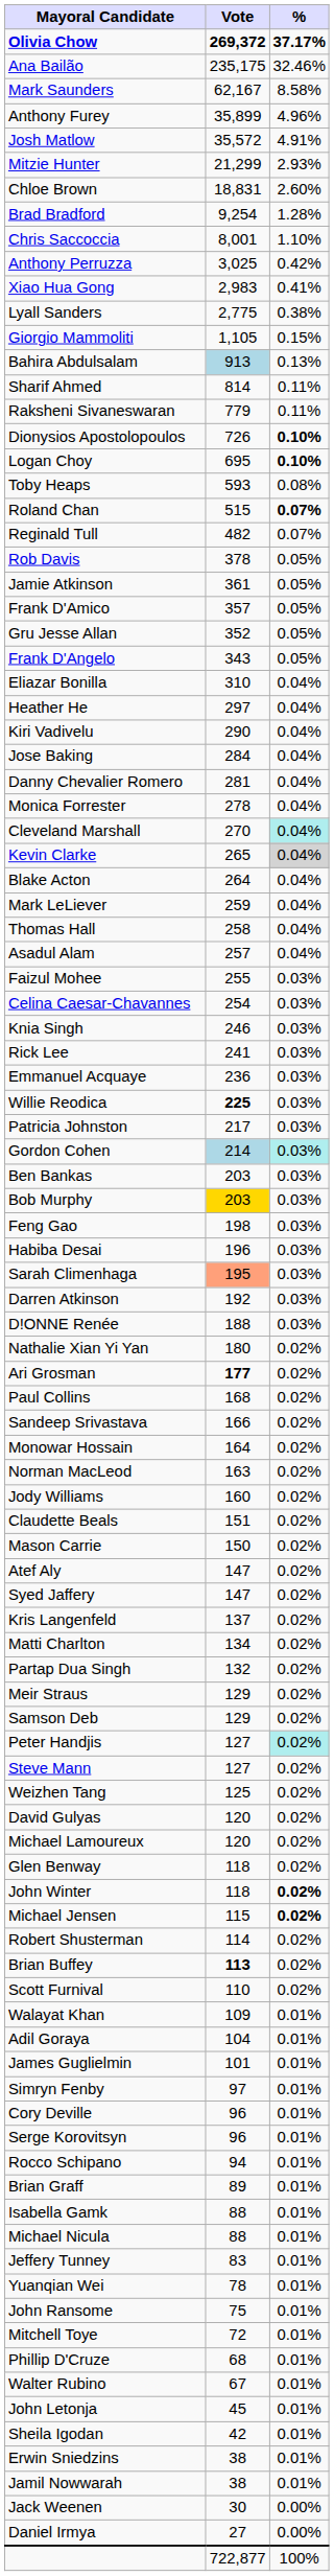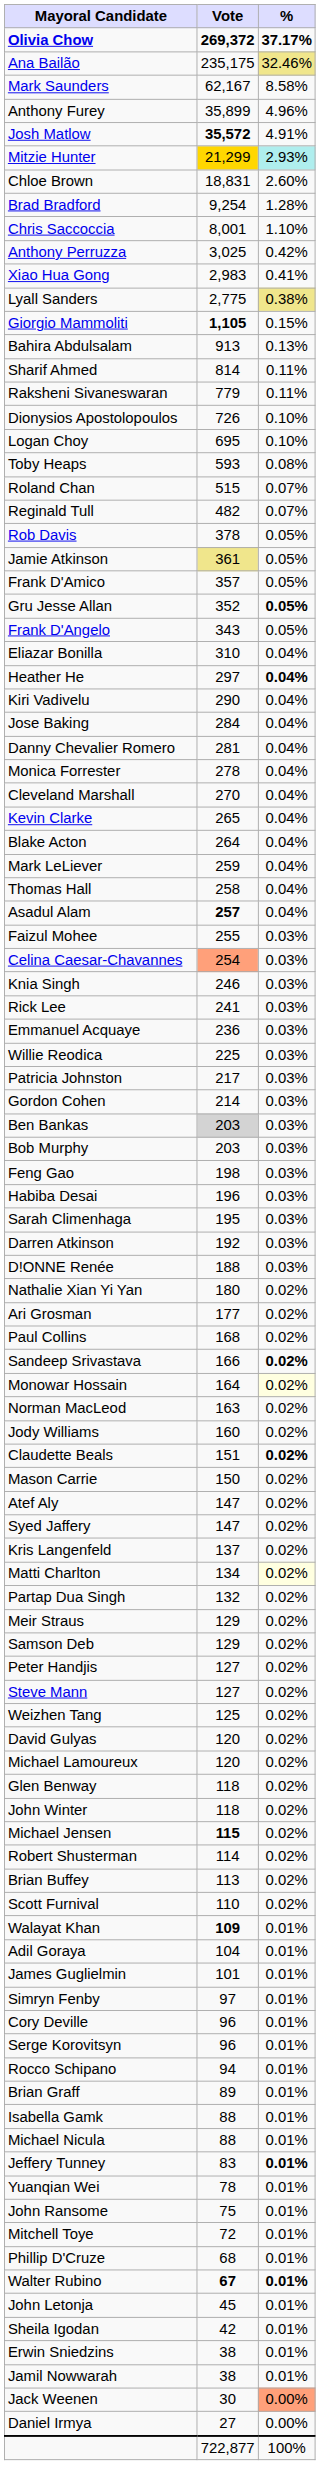 <table class="wikitable">
 <tr>
 <th style="background:#ddf; width:200px;">Mayoral Candidate</th>
 <th style="background:#ddf; width:50px;">Vote</th>
 <th style="background:#ddf; width:30px;">%</th>
 </tr>
 <tr>
 <td><strong><a href='#'>Olivia Chow</a></strong></td>
 <td align="center"><strong>269,372</strong></td>
 <td align="center"><strong>37.17%</strong></td>
 </tr>
 <tr>
 <td><a href='#'>Ana Bailão</a></td>
 <td align="center">235,175</td>
-<td align="center">32.46%</td>
+<td align="center" style="background: khaki;">32.46%</td>
 </tr>
 <tr>
 <td><a href='#'>Mark Saunders</a></td>
 <td align="center">62,167</td>
 <td align="center">8.58%</td>
 </tr>
 <tr>
 <td>Anthony Furey</td>
 <td align="center">35,899</td>
 <td align="center">4.96%</td>
 </tr>
 <tr>
 <td><a href='#'>Josh Matlow</a></td>
-<td align="center">35,572</td>
+<td align="center"><strong>35,572</strong></td>
 <td align="center">4.91%</td>
 </tr>
 <tr>
 <td><a href='#'>Mitzie Hunter</a></td>
-<td align="center">21,299</td>
-<td align="center">2.93%</td>
+<td align="center" style="background: gold;">21,299</td>
+<td align="center" style="background: paleturquoise;">2.93%</td>
 </tr>
 <tr>
 <td>Chloe Brown</td>
 <td align="center">18,831</td>
 <td align="center">2.60%</td>
 </tr>
 <tr>
 <td><a href='#'>Brad Bradford</a></td>
 <td align="center">9,254</td>
 <td align="center">1.28%</td>
 </tr>
 <tr>
 <td><a href='#'>Chris Saccoccia</a></td>
 <td align="center">8,001</td>
 <td align="center">1.10%</td>
 </tr>
 <tr>
 <td><a href='#'>Anthony Perruzza</a></td>
 <td align="center">3,025</td>
 <td align="center">0.42%</td>
 </tr>
 <tr>
 <td><a href='#'>Xiao Hua Gong</a></td>
 <td align="center">2,983</td>
 <td align="center">0.41%</td>
 </tr>
 <tr>
 <td>Lyall Sanders</td>
 <td align="center">2,775</td>
-<td align="center">0.38%</td>
+<td align="center" style="background: khaki;">0.38%</td>
 </tr>
 <tr>
 <td><a href='#'>Giorgio Mammoliti</a></td>
-<td align="center">1,105</td>
+<td align="center"><strong>1,105</strong></td>
 <td align="center">0.15%</td>
 </tr>
 <tr>
 <td>Bahira Abdulsalam</td>
-<td align="center" style="background: lightblue;">913</td>
+<td align="center">913</td>
 <td align="center">0.13%</td>
 </tr>
 <tr>
 <td>Sharif Ahmed</td>
 <td align="center">814</td>
 <td align="center">0.11%</td>
 </tr>
 <tr>
 <td>Raksheni Sivaneswaran</td>
 <td align="center">779</td>
 <td align="center">0.11%</td>
 </tr>
 <tr>
 <td>Dionysios Apostolopoulos</td>
 <td align="center">726</td>
-<td align="center"><strong>0.10%</strong></td>
+<td align="center">0.10%</td>
 </tr>
 <tr>
 <td>Logan Choy</td>
 <td align="center">695</td>
-<td align="center"><strong>0.10%</strong></td>
+<td align="center">0.10%</td>
 </tr>
 <tr>
 <td>Toby Heaps</td>
 <td align="center">593</td>
 <td align="center">0.08%</td>
 </tr>
 <tr>
 <td>Roland Chan</td>
 <td align="center">515</td>
-<td align="center"><strong>0.07%</strong></td>
+<td align="center">0.07%</td>
 </tr>
 <tr>
 <td>Reginald Tull</td>
 <td align="center">482</td>
 <td align="center">0.07%</td>
 </tr>
 <tr>
 <td><a href='#'>Rob Davis</a></td>
 <td align="center">378</td>
 <td align="center">0.05%</td>
 </tr>
 <tr>
 <td>Jamie Atkinson</td>
-<td align="center">361</td>
+<td align="center" style="background: khaki;">361</td>
 <td align="center">0.05%</td>
 </tr>
 <tr>
 <td>Frank D'Amico</td>
 <td align="center">357</td>
 <td align="center">0.05%</td>
 </tr>
 <tr>
 <td>Gru Jesse Allan</td>
 <td align="center">352</td>
-<td align="center">0.05%</td>
+<td align="center"><strong>0.05%</strong></td>
 </tr>
 <tr>
 <td><a href='#'>Frank D'Angelo</a></td>
 <td align="center">343</td>
 <td align="center">0.05%</td>
 </tr>
 <tr>
 <td>Eliazar Bonilla</td>
 <td align="center">310</td>
 <td align="center">0.04%</td>
 </tr>
 <tr>
 <td>Heather He</td>
 <td align="center">297</td>
-<td align="center">0.04%</td>
+<td align="center"><strong>0.04%</strong></td>
 </tr>
 <tr>
 <td>Kiri Vadivelu</td>
 <td align="center">290</td>
 <td align="center">0.04%</td>
 </tr>
 <tr>
 <td>Jose Baking</td>
 <td align="center">284</td>
 <td align="center">0.04%</td>
 </tr>
 <tr>
 <td>Danny Chevalier Romero</td>
 <td align="center">281</td>
 <td align="center">0.04%</td>
 </tr>
 <tr>
 <td>Monica Forrester</td>
 <td align="center">278</td>
 <td align="center">0.04%</td>
 </tr>
 <tr>
 <td>Cleveland Marshall</td>
 <td align="center">270</td>
-<td align="center" style="background: paleturquoise;">0.04%</td>
+<td align="center">0.04%</td>
 </tr>
 <tr>
 <td><a href='#'>Kevin Clarke</a></td>
 <td align="center">265</td>
-<td align="center" style="background: lightgrey;">0.04%</td>
+<td align="center">0.04%</td>
 </tr>
 <tr>
 <td>Blake Acton</td>
 <td align="center">264</td>
 <td align="center">0.04%</td>
 </tr>
 <tr>
 <td>Mark LeLiever</td>
 <td align="center">259</td>
 <td align="center">0.04%</td>
 </tr>
 <tr>
 <td>Thomas Hall</td>
 <td align="center">258</td>
 <td align="center">0.04%</td>
 </tr>
 <tr>
 <td>Asadul Alam</td>
-<td align="center">257</td>
+<td align="center"><strong>257</strong></td>
 <td align="center">0.04%</td>
 </tr>
 <tr>
 <td>Faizul Mohee</td>
 <td align="center">255</td>
 <td align="center">0.03%</td>
 </tr>
 <tr>
 <td><a href='#'>Celina Caesar-Chavannes</a></td>
-<td align="center">254</td>
+<td align="center" style="background: lightsalmon;">254</td>
 <td align="center">0.03%</td>
 </tr>
 <tr>
 <td>Knia Singh</td>
 <td align="center">246</td>
 <td align="center">0.03%</td>
 </tr>
 <tr>
 <td>Rick Lee</td>
 <td align="center">241</td>
 <td align="center">0.03%</td>
 </tr>
 <tr>
 <td>Emmanuel Acquaye</td>
 <td align="center">236</td>
 <td align="center">0.03%</td>
 </tr>
 <tr>
 <td>Willie Reodica</td>
-<td align="center"><strong>225</strong></td>
+<td align="center">225</td>
 <td align="center">0.03%</td>
 </tr>
 <tr>
 <td>Patricia Johnston</td>
 <td align="center">217</td>
 <td align="center">0.03%</td>
 </tr>
 <tr>
 <td>Gordon Cohen</td>
-<td align="center" style="background: lightblue;">214</td>
-<td align="center" style="background: paleturquoise;">0.03%</td>
+<td align="center">214</td>
+<td align="center">0.03%</td>
 </tr>
 <tr>
 <td>Ben Bankas</td>
-<td align="center">203</td>
+<td align="center" style="background: lightgrey;">203</td>
 <td align="center">0.03%</td>
 </tr>
 <tr>
 <td>Bob Murphy</td>
-<td align="center" style="background: gold;">203</td>
+<td align="center">203</td>
 <td align="center">0.03%</td>
 </tr>
 <tr>
 <td>Feng Gao</td>
 <td align="center">198</td>
 <td align="center">0.03%</td>
 </tr>
 <tr>
 <td>Habiba Desai</td>
 <td align="center">196</td>
 <td align="center">0.03%</td>
 </tr>
 <tr>
 <td>Sarah Climenhaga</td>
-<td align="center" style="background: lightsalmon;">195</td>
+<td align="center">195</td>
 <td align="center">0.03%</td>
 </tr>
 <tr>
 <td>Darren Atkinson</td>
 <td align="center">192</td>
 <td align="center">0.03%</td>
 </tr>
 <tr>
 <td>D!ONNE Renée</td>
 <td align="center">188</td>
 <td align="center">0.03%</td>
 </tr>
 <tr>
 <td>Nathalie Xian Yi Yan</td>
 <td align="center">180</td>
 <td align="center">0.02%</td>
 </tr>
 <tr>
 <td>Ari Grosman</td>
-<td align="center"><strong>177</strong></td>
+<td align="center">177</td>
 <td align="center">0.02%</td>
 </tr>
 <tr>
 <td>Paul Collins</td>
 <td align="center">168</td>
 <td align="center">0.02%</td>
 </tr>
 <tr>
 <td>Sandeep Srivastava</td>
 <td align="center">166</td>
-<td align="center">0.02%</td>
+<td align="center"><strong>0.02%</strong></td>
 </tr>
 <tr>
 <td>Monowar Hossain</td>
 <td align="center">164</td>
-<td align="center">0.02%</td>
+<td align="center" style="background: lightyellow;">0.02%</td>
 </tr>
 <tr>
 <td>Norman MacLeod</td>
 <td align="center">163</td>
 <td align="center">0.02%</td>
 </tr>
 <tr>
 <td>Jody Williams</td>
 <td align="center">160</td>
 <td align="center">0.02%</td>
 </tr>
 <tr>
 <td>Claudette Beals</td>
 <td align="center">151</td>
-<td align="center">0.02%</td>
+<td align="center"><strong>0.02%</strong></td>
 </tr>
 <tr>
 <td>Mason Carrie</td>
 <td align="center">150</td>
 <td align="center">0.02%</td>
 </tr>
 <tr>
 <td>Atef Aly</td>
 <td align="center">147</td>
 <td align="center">0.02%</td>
 </tr>
 <tr>
 <td>Syed Jaffery</td>
 <td align="center">147</td>
 <td align="center">0.02%</td>
 </tr>
 <tr>
 <td>Kris Langenfeld</td>
 <td align="center">137</td>
 <td align="center">0.02%</td>
 </tr>
 <tr>
 <td>Matti Charlton</td>
 <td align="center">134</td>
-<td align="center">0.02%</td>
+<td align="center" style="background: lightyellow;">0.02%</td>
 </tr>
 <tr>
 <td>Partap Dua Singh</td>
 <td align="center">132</td>
 <td align="center">0.02%</td>
 </tr>
 <tr>
 <td>Meir Straus</td>
 <td align="center">129</td>
 <td align="center">0.02%</td>
 </tr>
 <tr>
 <td>Samson Deb</td>
 <td align="center">129</td>
 <td align="center">0.02%</td>
 </tr>
 <tr>
 <td>Peter Handjis</td>
 <td align="center">127</td>
-<td align="center" style="background: paleturquoise;">0.02%</td>
+<td align="center">0.02%</td>
 </tr>
 <tr>
 <td><a href='#'>Steve Mann</a></td>
 <td align="center">127</td>
 <td align="center">0.02%</td>
 </tr>
 <tr>
 <td>Weizhen Tang</td>
 <td align="center">125</td>
 <td align="center">0.02%</td>
 </tr>
 <tr>
 <td>David Gulyas</td>
 <td align="center">120</td>
 <td align="center">0.02%</td>
 </tr>
 <tr>
 <td>Michael Lamoureux</td>
 <td align="center">120</td>
 <td align="center">0.02%</td>
 </tr>
 <tr>
 <td>Glen Benway</td>
 <td align="center">118</td>
 <td align="center">0.02%</td>
 </tr>
 <tr>
 <td>John Winter</td>
 <td align="center">118</td>
-<td align="center"><strong>0.02%</strong></td>
+<td align="center">0.02%</td>
 </tr>
 <tr>
 <td>Michael Jensen</td>
-<td align="center">115</td>
-<td align="center"><strong>0.02%</strong></td>
+<td align="center"><strong>115</strong></td>
+<td align="center">0.02%</td>
 </tr>
 <tr>
 <td>Robert Shusterman</td>
 <td align="center">114</td>
 <td align="center">0.02%</td>
 </tr>
 <tr>
 <td>Brian Buffey</td>
-<td align="center"><strong>113</strong></td>
+<td align="center">113</td>
 <td align="center">0.02%</td>
 </tr>
 <tr>
 <td>Scott Furnival</td>
 <td align="center">110</td>
 <td align="center">0.02%</td>
 </tr>
 <tr>
 <td>Walayat Khan</td>
-<td align="center">109</td>
+<td align="center"><strong>109</strong></td>
 <td align="center">0.01%</td>
 </tr>
 <tr>
 <td>Adil Goraya</td>
 <td align="center">104</td>
 <td align="center">0.01%</td>
 </tr>
 <tr>
 <td>James Guglielmin</td>
 <td align="center">101</td>
 <td align="center">0.01%</td>
 </tr>
 <tr>
 <td>Simryn Fenby</td>
 <td align="center">97</td>
 <td align="center">0.01%</td>
 </tr>
 <tr>
 <td>Cory Deville</td>
 <td align="center">96</td>
 <td align="center">0.01%</td>
 </tr>
 <tr>
 <td>Serge Korovitsyn</td>
 <td align="center">96</td>
 <td align="center">0.01%</td>
 </tr>
 <tr>
 <td>Rocco Schipano</td>
 <td align="center">94</td>
 <td align="center">0.01%</td>
 </tr>
 <tr>
 <td>Brian Graff</td>
 <td align="center">89</td>
 <td align="center">0.01%</td>
 </tr>
 <tr>
 <td>Isabella Gamk</td>
 <td align="center">88</td>
 <td align="center">0.01%</td>
 </tr>
 <tr>
 <td>Michael Nicula</td>
 <td align="center">88</td>
 <td align="center">0.01%</td>
 </tr>
 <tr>
 <td>Jeffery Tunney</td>
 <td align="center">83</td>
-<td align="center">0.01%</td>
+<td align="center"><strong>0.01%</strong></td>
 </tr>
 <tr>
 <td>Yuanqian Wei</td>
 <td align="center">78</td>
 <td align="center">0.01%</td>
 </tr>
 <tr>
 <td>John Ransome</td>
 <td align="center">75</td>
 <td align="center">0.01%</td>
 </tr>
 <tr>
 <td>Mitchell Toye</td>
 <td align="center">72</td>
 <td align="center">0.01%</td>
 </tr>
 <tr>
 <td>Phillip D'Cruze</td>
 <td align="center">68</td>
 <td align="center">0.01%</td>
 </tr>
 <tr>
 <td>Walter Rubino</td>
-<td align="center">67</td>
-<td align="center">0.01%</td>
+<td align="center"><strong>67</strong></td>
+<td align="center"><strong>0.01%</strong></td>
 </tr>
 <tr>
 <td>John Letonja</td>
 <td align="center">45</td>
 <td align="center">0.01%</td>
 </tr>
 <tr>
 <td>Sheila Igodan</td>
 <td align="center">42</td>
 <td align="center">0.01%</td>
 </tr>
 <tr>
 <td>Erwin Sniedzins</td>
 <td align="center">38</td>
 <td align="center">0.01%</td>
 </tr>
 <tr>
 <td>Jamil Nowwarah</td>
 <td align="center">38</td>
 <td align="center">0.01%</td>
 </tr>
 <tr>
 <td>Jack Weenen</td>
 <td align="center">30</td>
-<td align="center">0.00%</td>
+<td align="center" style="background: lightsalmon;">0.00%</td>
 </tr>
 <tr>
 <td>Daniel Irmya</td>
 <td align="center">27</td>
 <td align="center">0.00%</td>
 </tr>
 <tr>
 <td style="border-top:2px solid #000"></td>
 <td style="border-top:2px solid #000" align="center">722,877</td>
 <td style="border-top:2px solid #000" align="center">100%</td>
 </tr>
 </table>
